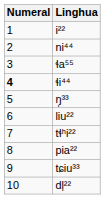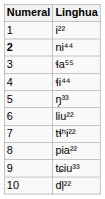 <table class="wikitable">
 <tr>
 <th>Numeral</th>
 <th>Linghua</th>
 </tr>
 <tr>
 <td>1</td>
 <td>i²²</td>
 </tr>
 <tr>
-<td>2</td>
+<td><strong>2</strong></td>
 <td>ni⁴⁴</td>
 </tr>
 <tr>
 <td>3</td>
 <td>ɬa⁵⁵</td>
 </tr>
 <tr>
-<td><strong>4</strong></td>
+<td>4</td>
 <td>ɬi⁴⁴</td>
 </tr>
 <tr>
 <td>5</td>
 <td>ŋ̩³³</td>
 </tr>
 <tr>
 <td>6</td>
 <td>liu²²</td>
 </tr>
 <tr>
 <td>7</td>
 <td>tɬʰi²²</td>
 </tr>
 <tr>
 <td>8</td>
 <td>pia²²</td>
 </tr>
 <tr>
 <td>9</td>
 <td>tɕiu³³</td>
 </tr>
 <tr>
 <td>10</td>
 <td>dl̩²²</td>
 </tr>
 </table>
